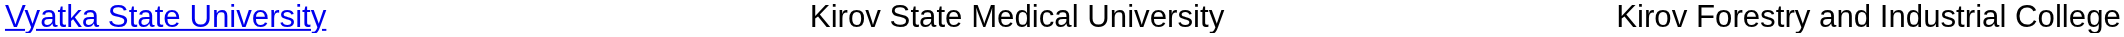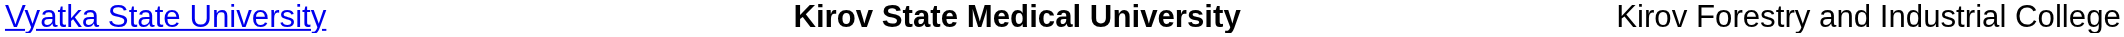 <table class="graytable" style="text-align:center">
 <tr>
 <td width="20%"></td>
 <td width="20%"></td>
 <td width="20%"></td>
 </tr>
 <tr>
 <td><a href='#'>Vyatka State University</a></td>
-<td>Kirov State Medical University</td>
+<td><strong>Kirov State Medical University</strong></td>
 <td>Kirov Forestry and Industrial College</td>
 </tr>
 </table>
